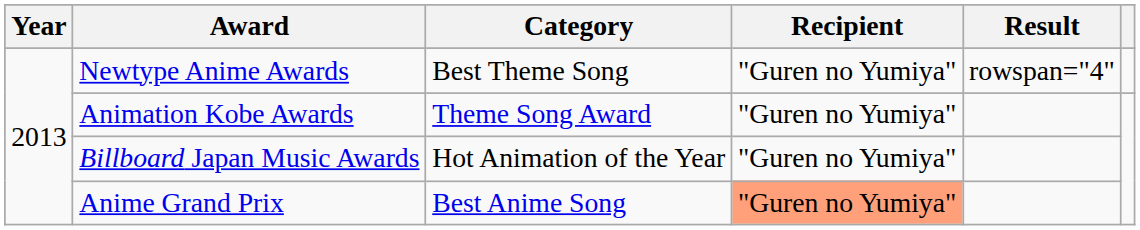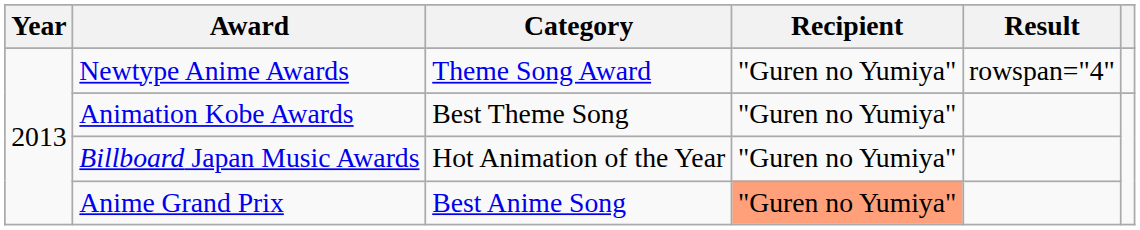 <table class="wikitable plainrowheaders sortable">
 <tr>
 <th scope="col" class="unsortable">Year</th>
 <th scope="col">Award</th>
 <th scope="col">Category</th>
 <th scope="col" class="unsortable">Recipient</th>
 <th scope="col">Result</th>
 <th scope="col" class="unsortable"></th>
 </tr>
 <tr>
 <td align="center" rowspan="4">2013</td>
 <td><a href='#'>Newtype Anime Awards</a></td>
-<td>Best Theme Song</td>
+<td><a href='#'>Theme Song Award</a></td>
 <td>"Guren no Yumiya" <br></td>
 <td>rowspan="4" </td>
 <td align="center"></td>
 </tr>
 <tr>
 <td><a href='#'>Animation Kobe Awards</a></td>
-<td><a href='#'>Theme Song Award</a></td>
+<td>Best Theme Song</td>
 <td>"Guren no Yumiya" <br></td>
 <td align="center"></td>
 </tr>
 <tr>
 <td><a href='#'><em>Billboard</em> Japan Music Awards</a></td>
 <td>Hot Animation of the Year</td>
 <td>"Guren no Yumiya" <br></td>
 <td align="center"></td>
 </tr>
 <tr>
 <td><a href='#'>Anime Grand Prix</a></td>
 <td><a href='#'>Best Anime Song</a></td>
 <td style="background: lightsalmon;">"Guren no Yumiya" <br></td>
 <td align="center"></td>
 </tr>
 </table>
